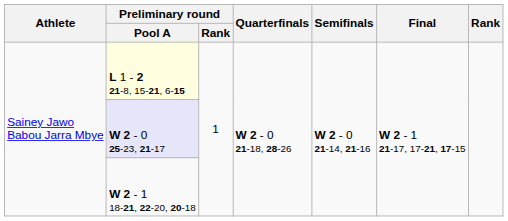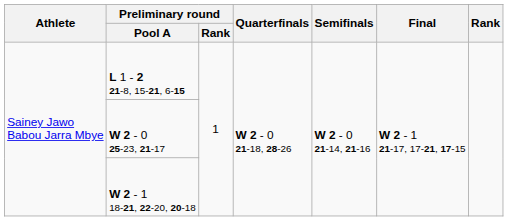 <table class="wikitable" style="font-size:90%; text-align:center;">
 <tr>
 <th rowspan="2">Athlete</th>
 <th colspan="2">Preliminary round</th>
 <th rowspan="2">Quarterfinals</th>
 <th rowspan="2">Semifinals</th>
 <th rowspan="2">Final</th>
 <th rowspan="2">Rank</th>
 </tr>
 <tr>
 <th>Pool A</th>
 <th>Rank</th>
 </tr>
 <tr>
 <td rowspan=3 align=left><a href='#'>Sainey Jawo</a><br><a href='#'>Babou Jarra Mbye</a></td>
-<td align=left style="background: lightyellow;"><br><br><strong>L</strong> 1 - <strong>2</strong><br><small><strong>21</strong>-8, 15-<strong>21</strong>, 6-<strong>15</strong></small></td>
+<td align=left><br><br><strong>L</strong> 1 - <strong>2</strong><br><small><strong>21</strong>-8, 15-<strong>21</strong>, 6-<strong>15</strong></small></td>
 <td rowspan=3>1</td>
 <td rowspan=3 align=left><br><br><strong>W</strong> <strong>2</strong> - 0<br><small><strong>21</strong>-18, <strong>28</strong>-26</small></td>
 <td rowspan=3 align=left><br><br><strong>W</strong> <strong>2</strong> - 0<br><small><strong>21</strong>-14, <strong>21</strong>-16</small></td>
 <td rowspan=3 align=left><br><br><strong>W</strong> <strong>2</strong> - 1<br><small><strong>21</strong>-17, 17-<strong>21</strong>, <strong>17</strong>-15</small></td>
 <td rowspan=3></td>
 </tr>
 <tr>
-<td align=left style="background: lavender;"><br><br><strong>W</strong> <strong>2</strong> - 0<br><small><strong>25</strong>-23, <strong>21</strong>-17</small></td>
+<td align=left><br><br><strong>W</strong> <strong>2</strong> - 0<br><small><strong>25</strong>-23, <strong>21</strong>-17</small></td>
 </tr>
 <tr>
 <td align=left><br><br><strong>W</strong> <strong>2</strong> - 1<br><small>18-<strong>21</strong>, <strong>22</strong>-20, <strong>20</strong>-18</small></td>
 </tr>
 </table>
